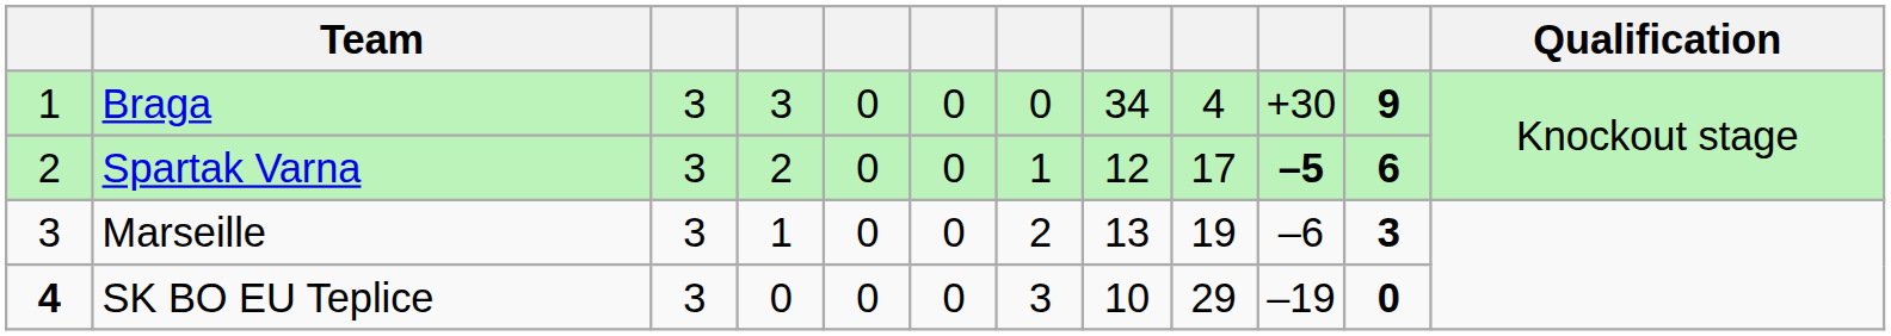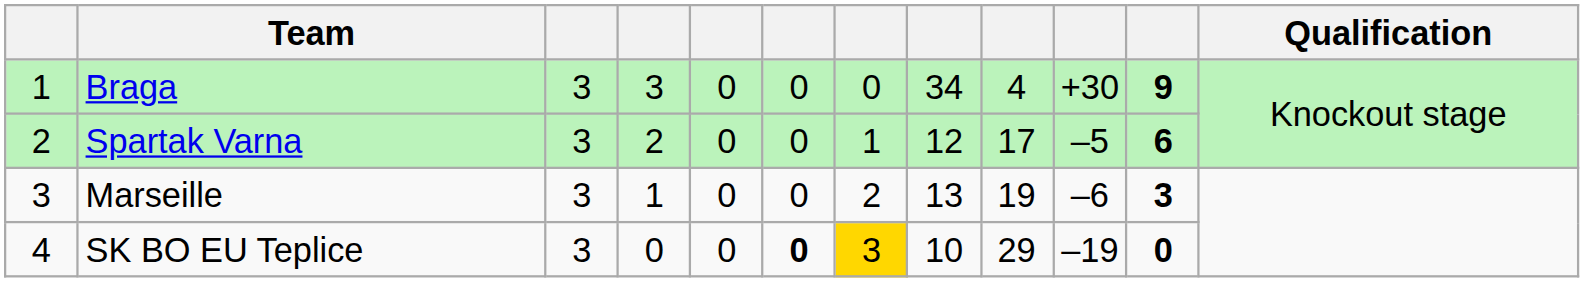 <table class="wikitable" style="font-size: 95%">
 <tr>
 <th width="25"></th>
 <th width="200">Team</th>
 <th width="25"></th>
 <th width="25"></th>
 <th width="25"></th>
 <th width="25"></th>
 <th width="25"></th>
 <th width="25"></th>
 <th width="25"></th>
 <th width="25"></th>
 <th width="25"></th>
 <th width="160">Qualification</th>
 </tr>
 <tr align=center bgcolor=#bbf3bb>
 <td>1</td>
 <td align=left> <a href='#'>Braga</a></td>
 <td>3</td>
 <td>3</td>
 <td>0</td>
 <td>0</td>
 <td>0</td>
 <td>34</td>
 <td>4</td>
 <td>+30</td>
 <td><strong>9</strong></td>
 <td rowspan=2>Knockout stage</td>
 </tr>
 <tr align=center bgcolor=#bbf3bb>
 <td>2</td>
 <td align=left> <a href='#'>Spartak Varna</a></td>
 <td>3</td>
 <td>2</td>
 <td>0</td>
 <td>0</td>
 <td>1</td>
 <td>12</td>
 <td>17</td>
-<td><strong>–5</strong></td>
+<td>–5</td>
 <td><strong>6</strong></td>
 </tr>
 <tr align=center>
 <td>3</td>
 <td align=left> Marseille</td>
 <td>3</td>
 <td>1</td>
 <td>0</td>
 <td>0</td>
 <td>2</td>
 <td>13</td>
 <td>19</td>
 <td>–6</td>
 <td><strong>3</strong></td>
 <td rowspan=2></td>
 </tr>
 <tr align=center>
-<td><strong>4</strong></td>
+<td>4</td>
 <td align=left> SK BO EU Teplice</td>
 <td>3</td>
 <td>0</td>
 <td>0</td>
-<td>0</td>
-<td>3</td>
+<td><strong>0</strong></td>
+<td style="background: gold;">3</td>
 <td>10</td>
 <td>29</td>
 <td>–19</td>
 <td><strong>0</strong></td>
 </tr>
 </table>
